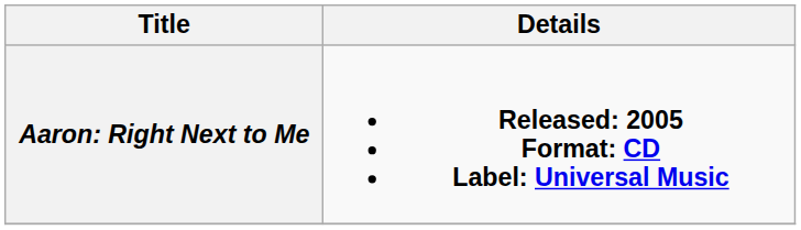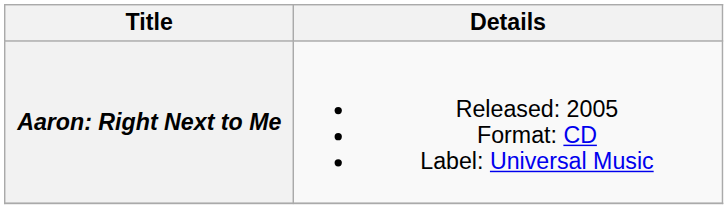 <table class="wikitable plainrowheaders" style="text-align:center;">
 <tr>
 <th scope="col" style="width:12em;">Title</th>
 <th scope="col" style="width:18em;">Details</th>
 </tr>
 <tr>
 <th scope="row"><em>Aaron: Right Next to Me</em></th>
-<td><strong><br><ul><li>Released: 2005</li><li>Format: <a href='#'>CD</a></li><li>Label: <a href='#'>Universal Music</a></li></ul></strong></td>
+<td><br><ul><li>Released: 2005</li><li>Format: <a href='#'>CD</a></li><li>Label: <a href='#'>Universal Music</a></li></ul></td>
 </tr>
 <tr>
 </tr>
 </table>
